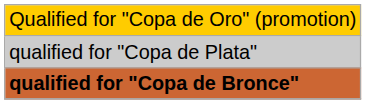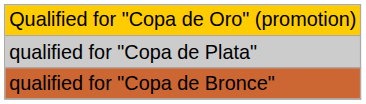 <table class="wikitable">
 <tr width=10px bgcolor="#FFCC00">
 <td>Qualified for "Copa de Oro" (promotion)</td>
 </tr>
 <tr width=10px bgcolor="#CCCCCC">
 <td>qualified for "Copa de Plata"</td>
 </tr>
 <tr width=10px bgcolor="#CC6633">
-<td><strong>qualified for "Copa de Bronce"</strong></td>
+<td>qualified for "Copa de Bronce"</td>
 </tr>
 <tr>
 </tr>
 </table>
